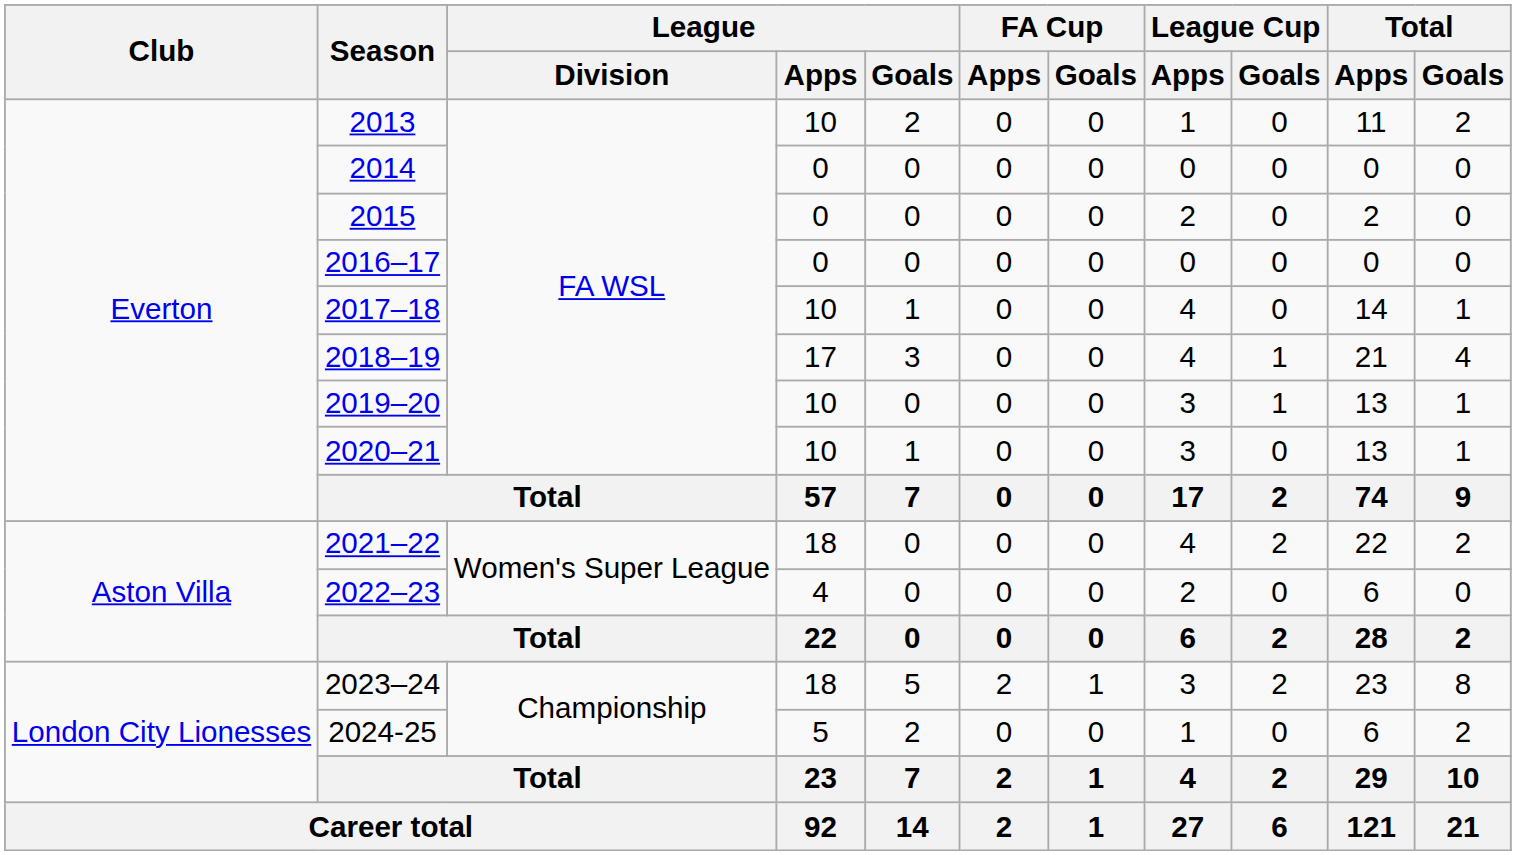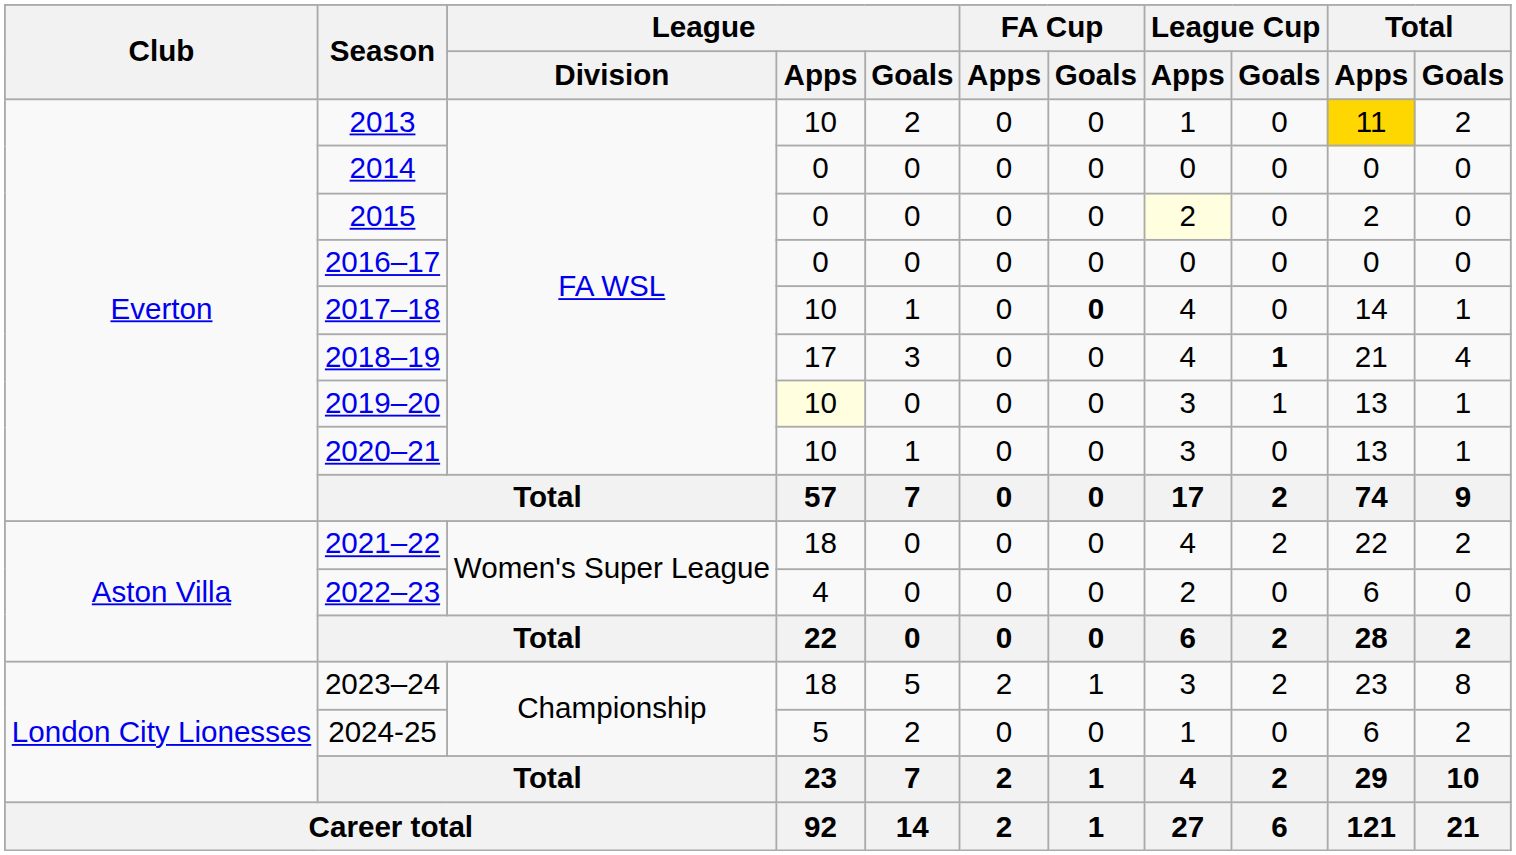 <table class="wikitable" style="text-align:center">
 <tr>
 <th rowspan="2">Club</th>
 <th rowspan="2">Season</th>
 <th colspan="3">League</th>
 <th colspan="2">FA Cup</th>
 <th colspan="2">League Cup</th>
 <th colspan="2">Total</th>
 </tr>
 <tr>
 <th>Division</th>
 <th>Apps</th>
 <th>Goals</th>
 <th>Apps</th>
 <th>Goals</th>
 <th>Apps</th>
 <th>Goals</th>
 <th>Apps</th>
 <th>Goals</th>
 </tr>
 <tr>
 <td rowspan="9"><a href='#'>Everton</a></td>
 <td><a href='#'>2013</a></td>
 <td rowspan="8"><a href='#'>FA WSL</a></td>
 <td>10</td>
 <td>2</td>
 <td>0</td>
 <td>0</td>
 <td>1</td>
 <td>0</td>
-<td>11</td>
+<td style="background: gold;">11</td>
 <td>2</td>
 </tr>
 <tr>
 <td><a href='#'>2014</a></td>
 <td>0</td>
 <td>0</td>
 <td>0</td>
 <td>0</td>
 <td>0</td>
 <td>0</td>
 <td>0</td>
 <td>0</td>
 </tr>
 <tr>
 <td><a href='#'>2015</a></td>
 <td>0</td>
 <td>0</td>
 <td>0</td>
 <td>0</td>
-<td>2</td>
+<td style="background: lightyellow;">2</td>
 <td>0</td>
 <td>2</td>
 <td>0</td>
 </tr>
 <tr>
 <td><a href='#'>2016–17</a></td>
 <td>0</td>
 <td>0</td>
 <td>0</td>
 <td>0</td>
 <td>0</td>
 <td>0</td>
 <td>0</td>
 <td>0</td>
 </tr>
 <tr>
 <td><a href='#'>2017–18</a></td>
 <td>10</td>
 <td>1</td>
 <td>0</td>
-<td>0</td>
+<td><strong>0</strong></td>
 <td>4</td>
 <td>0</td>
 <td>14</td>
 <td>1</td>
 </tr>
 <tr>
 <td><a href='#'>2018–19</a></td>
 <td>17</td>
 <td>3</td>
 <td>0</td>
 <td>0</td>
 <td>4</td>
-<td>1</td>
+<td><strong>1</strong></td>
 <td>21</td>
 <td>4</td>
 </tr>
 <tr>
 <td><a href='#'>2019–20</a></td>
-<td>10</td>
+<td style="background: lightyellow;">10</td>
 <td>0</td>
 <td>0</td>
 <td>0</td>
 <td>3</td>
 <td>1</td>
 <td>13</td>
 <td>1</td>
 </tr>
 <tr>
 <td><a href='#'>2020–21</a></td>
 <td>10</td>
 <td>1</td>
 <td>0</td>
 <td>0</td>
 <td>3</td>
 <td>0</td>
 <td>13</td>
 <td>1</td>
 </tr>
 <tr>
 <th colspan="2">Total</th>
 <th>57</th>
 <th>7</th>
 <th>0</th>
 <th>0</th>
 <th>17</th>
 <th>2</th>
 <th>74</th>
 <th>9</th>
 </tr>
 <tr>
 <td rowspan="3"><a href='#'>Aston Villa</a></td>
 <td><a href='#'>2021–22</a></td>
 <td rowspan="2">Women's Super League</td>
 <td>18</td>
 <td>0</td>
 <td>0</td>
 <td>0</td>
 <td>4</td>
 <td>2</td>
 <td>22</td>
 <td>2</td>
 </tr>
 <tr>
 <td><a href='#'>2022–23</a></td>
 <td>4</td>
 <td>0</td>
 <td>0</td>
 <td>0</td>
 <td>2</td>
 <td>0</td>
 <td>6</td>
 <td>0</td>
 </tr>
 <tr>
 <th colspan="2">Total</th>
 <th>22</th>
 <th>0</th>
 <th>0</th>
 <th>0</th>
 <th>6</th>
 <th>2</th>
 <th>28</th>
 <th>2</th>
 </tr>
 <tr>
 <td rowspan="3"><a href='#'>London City Lionesses</a></td>
 <td>2023–24</td>
 <td rowspan="2">Championship</td>
 <td>18</td>
 <td>5</td>
 <td>2</td>
 <td>1</td>
 <td>3</td>
 <td>2</td>
 <td>23</td>
 <td>8</td>
 </tr>
 <tr>
 <td>2024-25</td>
 <td>5</td>
 <td>2</td>
 <td>0</td>
 <td>0</td>
 <td>1</td>
 <td>0</td>
 <td>6</td>
 <td>2</td>
 </tr>
 <tr>
 <th colspan="2">Total</th>
 <th>23</th>
 <th>7</th>
 <th>2</th>
 <th>1</th>
 <th>4</th>
 <th>2</th>
 <th>29</th>
 <th>10</th>
 </tr>
 <tr>
 <th colspan="3">Career total</th>
 <th>92</th>
 <th>14</th>
 <th>2</th>
 <th>1</th>
 <th>27</th>
 <th>6</th>
 <th>121</th>
 <th>21</th>
 </tr>
 </table>
